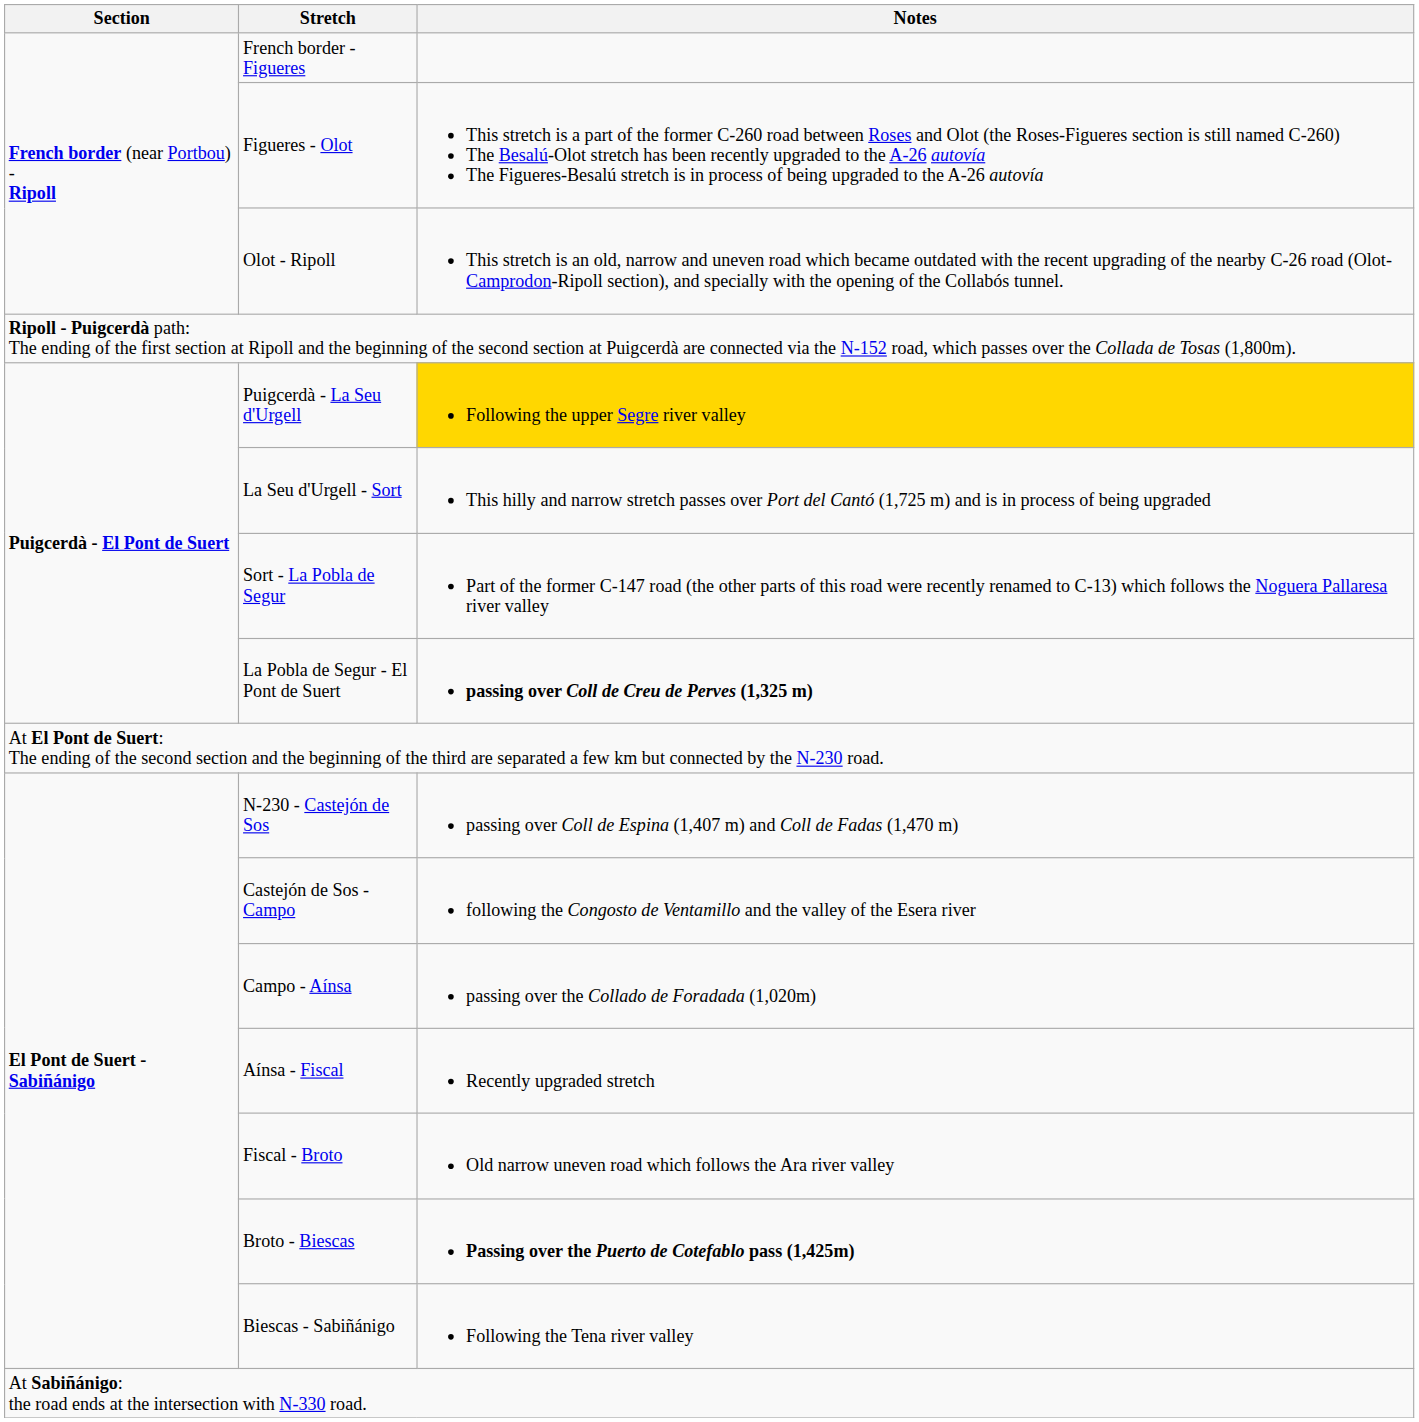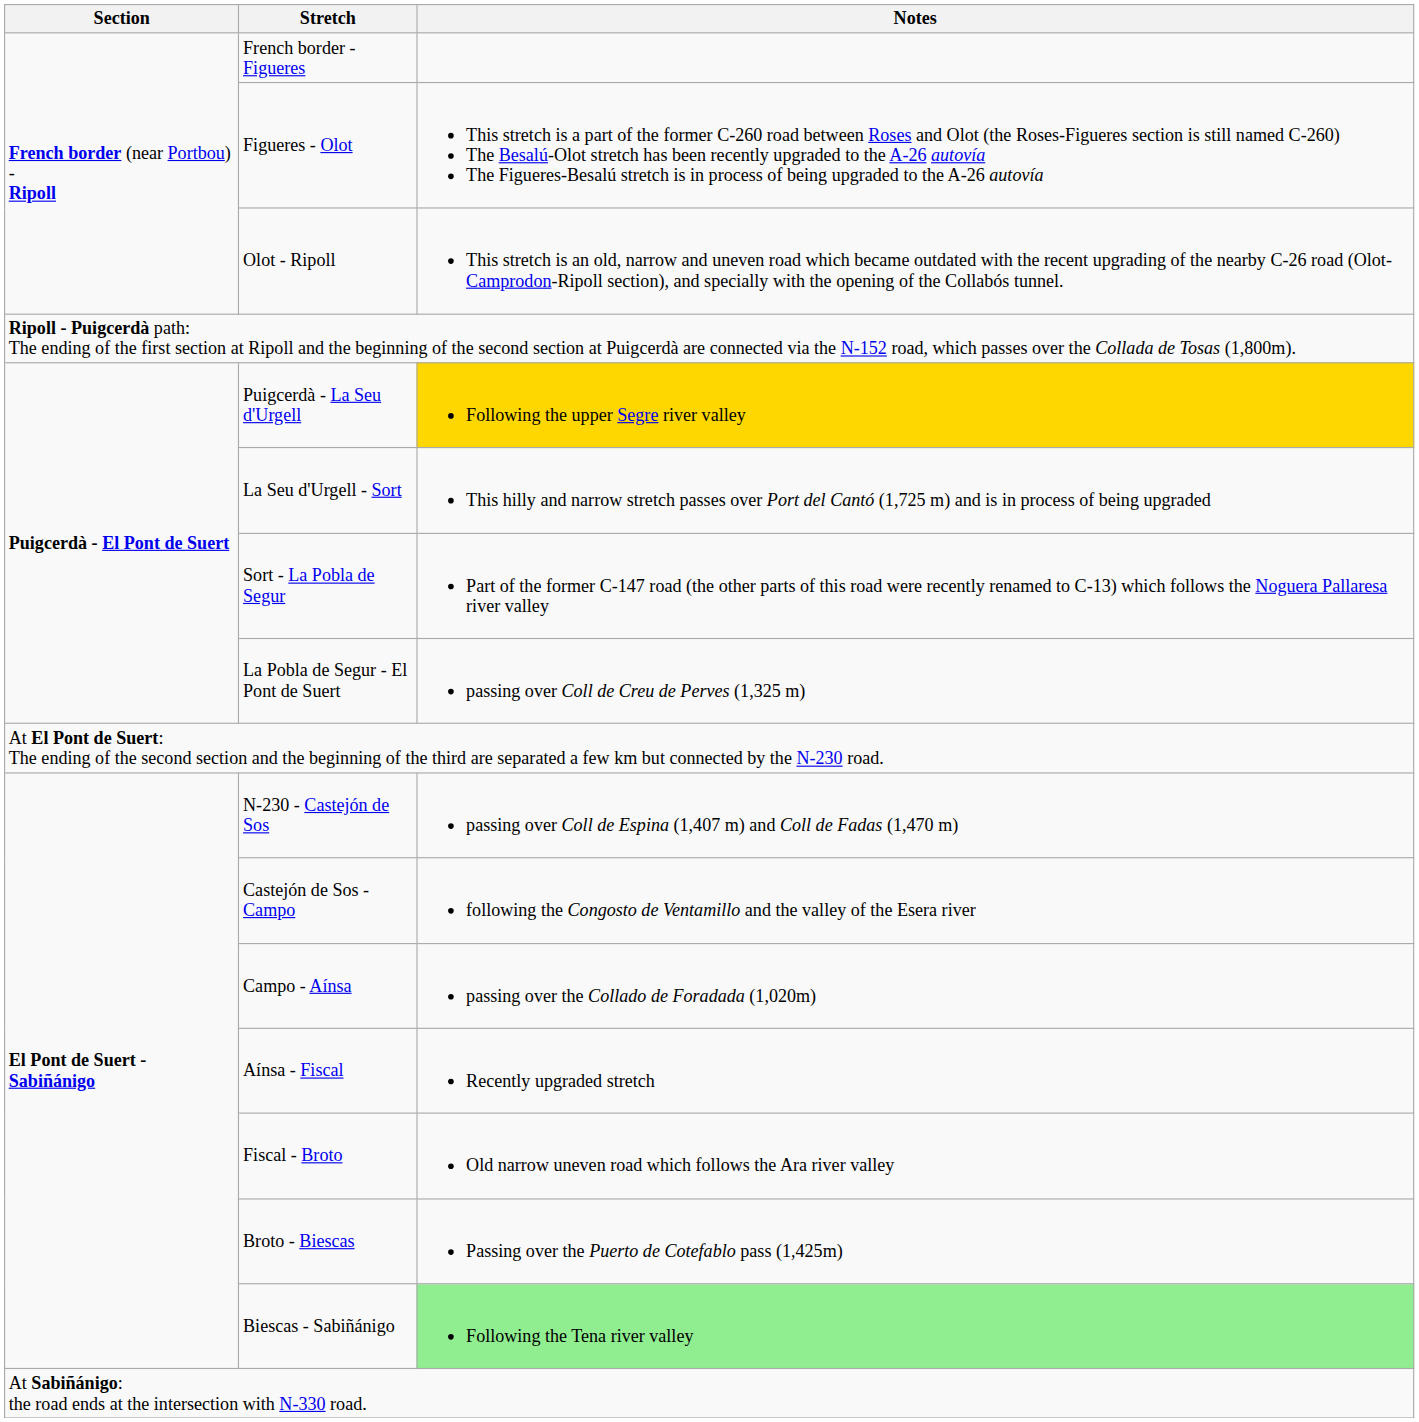 <table class=wikitable>
 <tr>
 <th width=200>Section</th>
 <th width=150>Stretch</th>
 <th>Notes</th>
 </tr>
 <tr --->
 <td rowspan=3><strong><a href='#'>French border</a></strong> (near <a href='#'>Portbou</a>) -<br><strong><a href='#'>Ripoll</a></strong></td>
 <td>French border - <a href='#'>Figueres</a></td>
 <td></td>
 </tr>
 <tr --->
 <td>Figueres - <a href='#'>Olot</a></td>
 <td><br><ul><li>This stretch is a part of the former C-260 road between <a href='#'>Roses</a> and Olot (the Roses-Figueres section is still named C-260)</li><li>The <a href='#'>Besalú</a>-Olot stretch has been recently upgraded to the <a href='#'>A-26</a> <em><a href='#'>autovía</a></em></li><li>The Figueres-Besalú stretch is in process of being upgraded to the A-26 <em>autovía</em></li></ul></td>
 </tr>
 <tr --->
 <td>Olot - Ripoll</td>
 <td><br><ul><li>This stretch is an old, narrow and uneven road which became outdated with the recent upgrading of the nearby C-26 road (Olot-<a href='#'>Camprodon</a>-Ripoll section), and specially with the opening of the Collabós tunnel.</li></ul></td>
 </tr>
 <tr --->
 <td colspan=3><strong>Ripoll - Puigcerdà</strong> path:<br>The ending of the first section at Ripoll and the beginning of the second section at Puigcerdà are connected via the <a href='#'>N-152</a> road, which passes over the <em>Collada de Tosas</em> (1,800m).</td>
 </tr>
 <tr --->
 <td rowspan=4><strong>Puigcerdà - <a href='#'>El Pont de Suert</a></strong></td>
 <td>Puigcerdà - <a href='#'>La Seu d'Urgell</a></td>
 <td style="background: gold;"><br><ul><li>Following the upper <a href='#'>Segre</a> river valley</li></ul></td>
 </tr>
 <tr --->
 <td>La Seu d'Urgell - <a href='#'>Sort</a></td>
 <td><br><ul><li>This hilly and narrow stretch passes over <em>Port del Cantó</em> (1,725 m) and is in process of being upgraded</li></ul></td>
 </tr>
 <tr --->
 <td>Sort - <a href='#'>La Pobla de Segur</a></td>
 <td><br><ul><li>Part of the former C-147 road (the other parts of this road were recently renamed to C-13) which follows the <a href='#'>Noguera Pallaresa</a> river valley</li></ul></td>
 </tr>
 <tr --->
 <td>La Pobla de Segur - El Pont de Suert</td>
-<td><strong><br><ul><li>passing over <em>Coll de Creu de Perves</em> (1,325 m)</li></ul></strong></td>
+<td><br><ul><li>passing over <em>Coll de Creu de Perves</em> (1,325 m)</li></ul></td>
 </tr>
 <tr --->
 <td colspan=3>At <strong>El Pont de Suert</strong>:<br>The ending of the second section and the beginning of the third are separated a few km but connected by the <a href='#'>N-230</a> road.</td>
 </tr>
 <tr --->
 <td rowspan=7><strong>El Pont de Suert - <a href='#'>Sabiñánigo</a></strong></td>
 <td>N-230 - <a href='#'>Castejón de Sos</a></td>
 <td><br><ul><li>passing over <em>Coll de Espina</em> (1,407 m) and <em>Coll de Fadas</em> (1,470 m)</li></ul></td>
 </tr>
 <tr --->
 <td>Castejón de Sos - <a href='#'>Campo</a></td>
 <td><br><ul><li>following the <em>Congosto de Ventamillo</em> and the valley of the Esera river</li></ul></td>
 </tr>
 <tr --->
 <td>Campo - <a href='#'>Aínsa</a></td>
 <td><br><ul><li>passing over the <em>Collado de Foradada</em> (1,020m)</li></ul></td>
 </tr>
 <tr --->
 <td>Aínsa - <a href='#'>Fiscal</a></td>
 <td><br><ul><li>Recently upgraded stretch</li></ul></td>
 </tr>
 <tr --->
 <td>Fiscal - <a href='#'>Broto</a></td>
 <td><br><ul><li>Old narrow uneven road which follows the Ara river valley</li></ul></td>
 </tr>
 <tr --->
 <td>Broto - <a href='#'>Biescas</a></td>
-<td><strong><br><ul><li>Passing over the <em>Puerto de Cotefablo</em> pass (1,425m)</li></ul></strong></td>
+<td><br><ul><li>Passing over the <em>Puerto de Cotefablo</em> pass (1,425m)</li></ul></td>
 </tr>
 <tr --->
 <td>Biescas - Sabiñánigo</td>
-<td><br><ul><li>Following the Tena river valley</li></ul></td>
+<td style="background: lightgreen;"><br><ul><li>Following the Tena river valley</li></ul></td>
 </tr>
 <tr --->
 <td colspan=3>At <strong>Sabiñánigo</strong>: <br>the road ends at the intersection with <a href='#'>N-330</a> road.</td>
 </tr>
 <tr --->
 </tr>
 </table>
